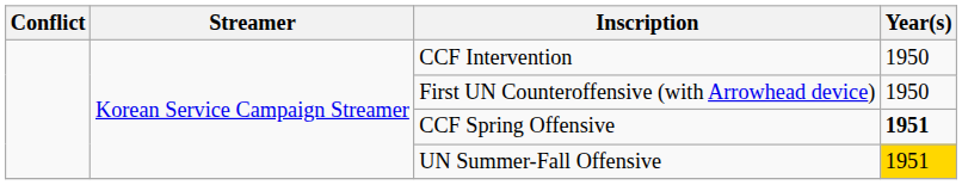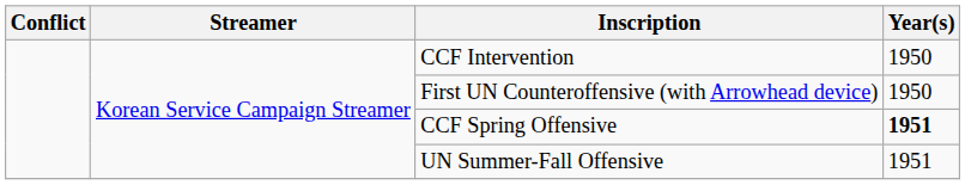 <table class="wikitable" style="float:left;">
 <tr style="background:#efefef;">
 <th>Conflict</th>
 <th>Streamer</th>
 <th>Inscription</th>
 <th>Year(s)</th>
 </tr>
 <tr>
 <td rowspan="4"></td>
 <td rowspan="4"><a href='#'>Korean Service Campaign Streamer</a></td>
 <td>CCF Intervention</td>
 <td>1950</td>
 </tr>
 <tr>
 <td>First UN Counteroffensive (with <a href='#'>Arrowhead device</a>)</td>
 <td>1950</td>
 </tr>
 <tr>
 <td>CCF Spring Offensive</td>
 <td><strong>1951</strong></td>
 </tr>
 <tr>
 <td>UN Summer-Fall Offensive</td>
-<td style="background: gold;">1951</td>
+<td>1951</td>
 </tr>
 <tr>
 </tr>
 </table>
